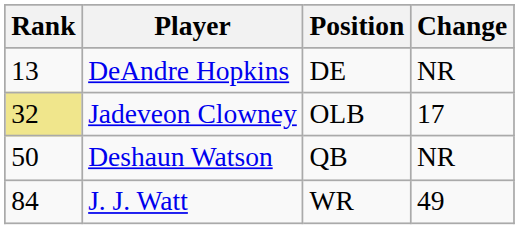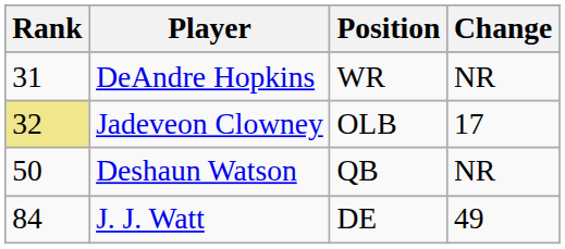 <table class="wikitable">
 <tr>
 <th>Rank</th>
 <th>Player</th>
 <th>Position</th>
 <th>Change</th>
 </tr>
 <tr>
-<td>13</td>
+<td>31</td>
 <td><a href='#'>DeAndre Hopkins</a></td>
-<td>DE</td>
+<td>WR</td>
 <td>NR</td>
 </tr>
 <tr>
 <td style="background: khaki;">32</td>
 <td><a href='#'>Jadeveon Clowney</a></td>
 <td>OLB</td>
 <td> 17</td>
 </tr>
 <tr>
 <td>50</td>
 <td><a href='#'>Deshaun Watson</a></td>
 <td>QB</td>
 <td>NR</td>
 </tr>
 <tr>
 <td>84</td>
 <td><a href='#'>J. J. Watt</a></td>
-<td>WR</td>
+<td>DE</td>
 <td> 49</td>
 </tr>
 </table>
